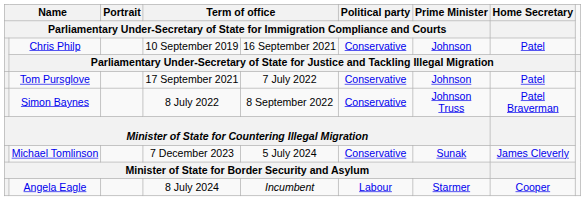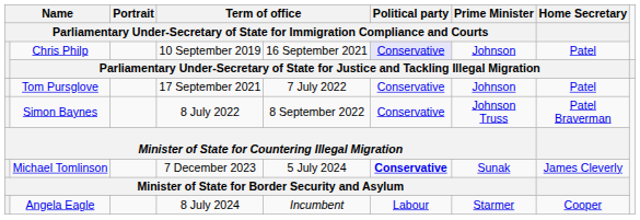 <table class="wikitable" style="text-align:center">
 <tr>
 <th colspan=2>Name</th>
 <th>Portrait</th>
 <th colspan=2>Term of office</th>
 <th>Political party</th>
 <th>Prime Minister</th>
 <th>Home Secretary</th>
 </tr>
 <tr>
 <th colspan=7>Parliamentary Under-Secretary of State for Immigration Compliance and Courts</th>
 <th></th>
 </tr>
 <tr>
 <th rowspan=2 style="background-color: "></th>
 <td><a href='#'>Chris Philp</a></td>
 <td></td>
 <td>10 September 2019</td>
 <td>16 September 2021</td>
-<td><a href='#'>Conservative</a></td>
+<td style="background: lavender;"><a href='#'>Conservative</a></td>
 <td><a href='#'>Johnson</a></td>
 <td><a href='#'>Patel</a></td>
 </tr>
 <tr>
 <th colspan="7">Parliamentary Under-Secretary of State for Justice and Tackling Illegal Migration</th>
 <th></th>
 </tr>
 <tr>
 <th style="background-color: "></th>
 <td><a href='#'>Tom Pursglove</a></td>
 <td></td>
 <td>17 September 2021</td>
 <td>7 July 2022</td>
 <td><a href='#'>Conservative</a></td>
 <td><a href='#'>Johnson</a></td>
 <td><a href='#'>Patel</a></td>
 </tr>
 <tr>
 <th style="background-color: "></th>
 <td><a href='#'>Simon Baynes</a></td>
 <td></td>
 <td>8 July 2022</td>
 <td>8 September 2022</td>
 <td><a href='#'>Conservative</a></td>
 <td><a href='#'>Johnson</a><br><a href='#'>Truss</a></td>
 <td><a href='#'>Patel</a><br><a href='#'>Braverman</a></td>
 </tr>
 <tr>
 <th colspan="7"><em><br>Minister of State for Countering Illegal Migration</em></th>
 <th></th>
 </tr>
 <tr>
 <th style="background-color: "></th>
 <td><a href='#'>Michael Tomlinson</a></td>
 <td></td>
 <td>7 December 2023</td>
 <td>5 July 2024</td>
-<td><a href='#'>Conservative</a></td>
+<td><strong><a href='#'>Conservative</a></strong></td>
 <td><a href='#'>Sunak</a></td>
 <td><a href='#'>James Cleverly</a></td>
 </tr>
 <tr>
 <th colspan="7">Minister of State for Border Security and Asylum</th>
 <th></th>
 </tr>
 <tr>
 <th style="background-color: "></th>
 <td><a href='#'>Angela Eagle</a></td>
 <td></td>
 <td>8 July 2024</td>
 <td><em>Incumbent</em></td>
 <td><a href='#'>Labour</a></td>
 <td><a href='#'>Starmer</a></td>
 <td><a href='#'>Cooper</a></td>
 </tr>
 </table>
